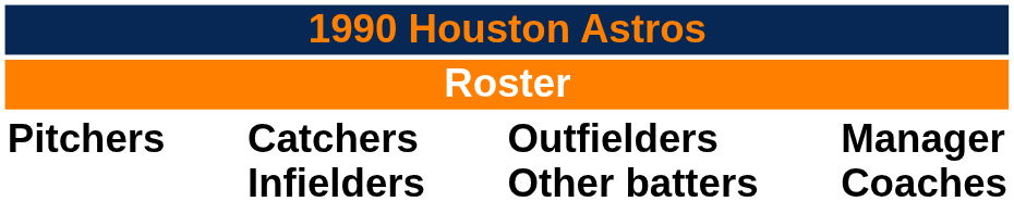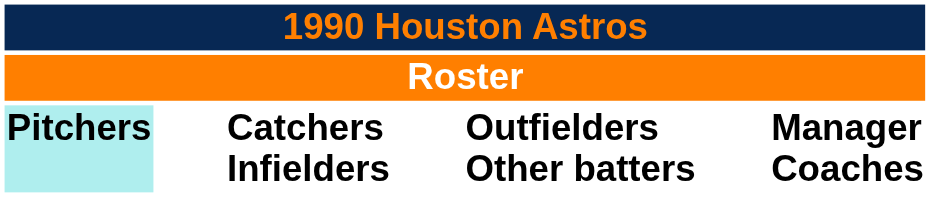 <table class="toccolours" style="text-align: left;">
 <tr>
 <th colspan="10" style="background-color: #072854; color: #FF7F00; text-align: center;">1990 Houston Astros</th>
 </tr>
 <tr>
 <td colspan="10" style="background-color: #FF7F00; color: white; text-align: center;"><strong>Roster</strong></td>
 </tr>
 <tr>
-<td valign="top"><strong>Pitchers</strong><br>                </td>
+<td valign="top" style="background: paleturquoise;"><strong>Pitchers</strong><br>                </td>
 <td width="25px"></td>
 <td valign="top"><strong>Catchers</strong><br>     <strong>Infielders</strong>          </td>
 <td width="25px"></td>
 <td valign="top"><strong>Outfielders</strong><br>           <strong>Other batters</strong> </td>
 <td width="25px"></td>
 <td valign="top"><strong>Manager</strong><br> <strong>Coaches</strong>      </td>
 </tr>
 </table>
